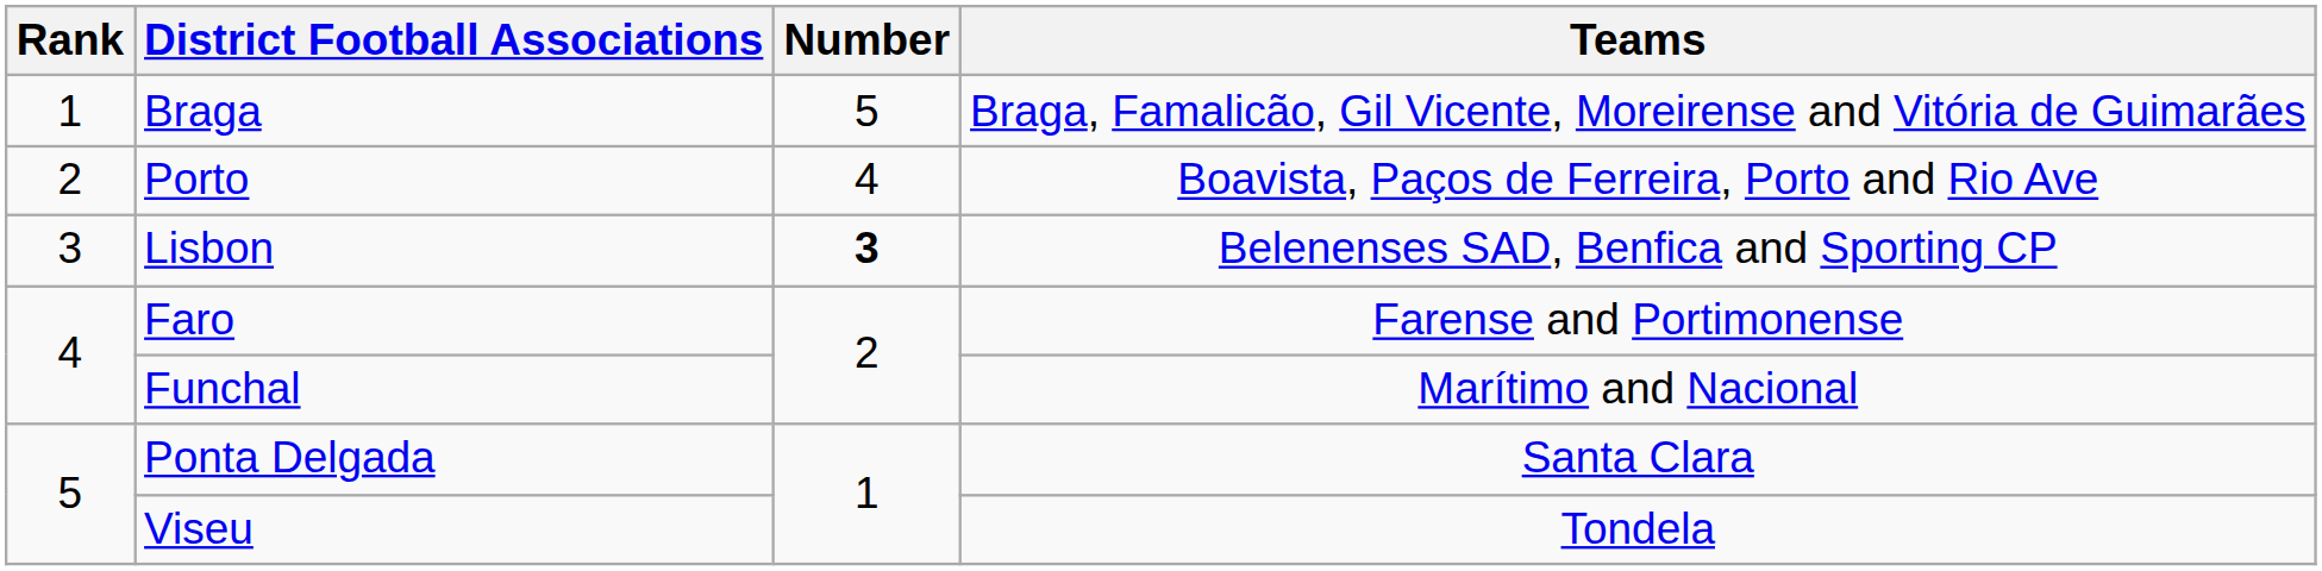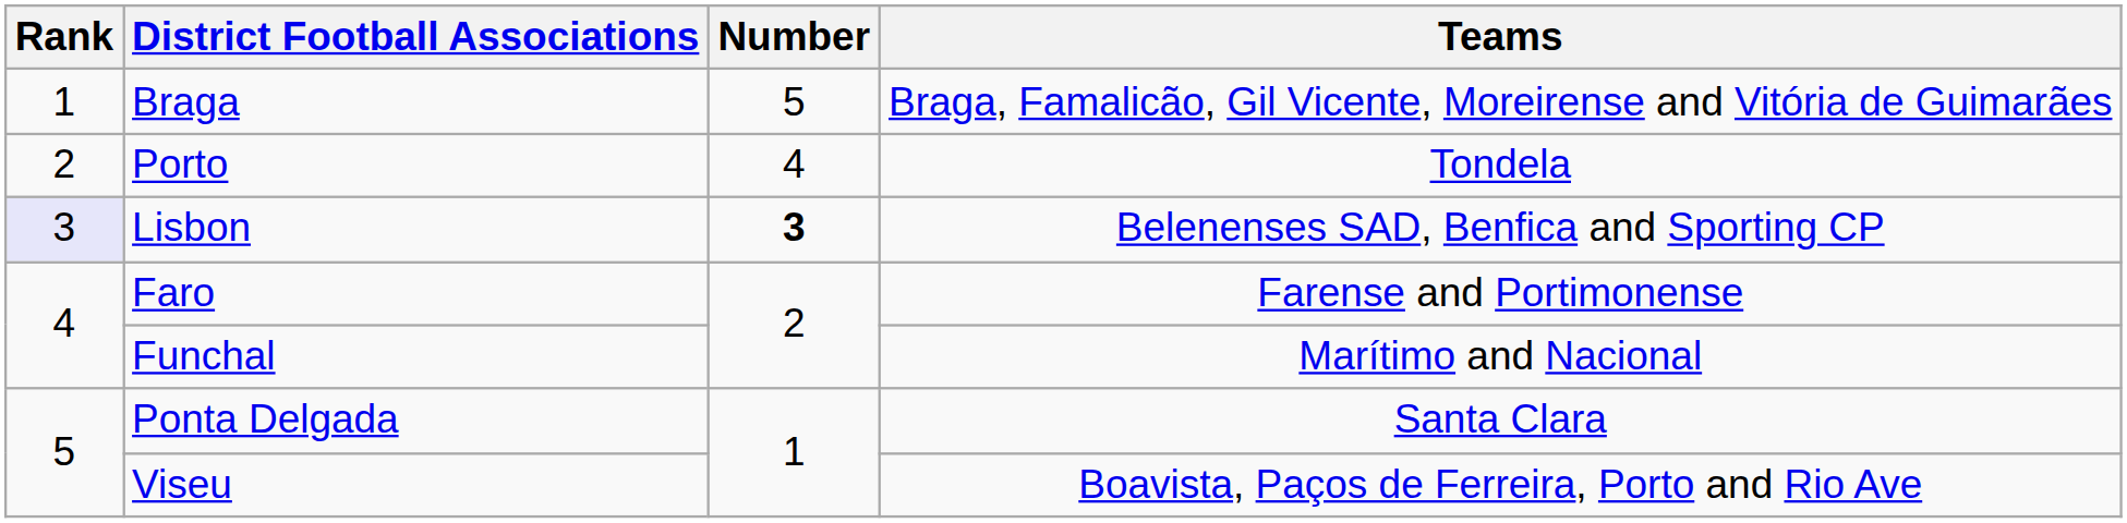 <table class="wikitable">
 <tr>
 <th>Rank</th>
 <th><a href='#'>District Football Associations</a></th>
 <th>Number</th>
 <th>Teams</th>
 </tr>
 <tr>
 <td rowspan=1 align=center>1</td>
 <td> <a href='#'>Braga</a></td>
 <td rowspan=1 align=center>5</td>
 <td align=center><a href='#'>Braga</a>, <a href='#'>Famalicão</a>, <a href='#'>Gil Vicente</a>, <a href='#'>Moreirense</a> and <a href='#'>Vitória de Guimarães</a></td>
 </tr>
 <tr>
 <td rowspan=1 align=center>2</td>
 <td> <a href='#'>Porto</a></td>
 <td rowspan=1 align=center>4</td>
-<td align=center><a href='#'>Boavista</a>, <a href='#'>Paços de Ferreira</a>, <a href='#'>Porto</a> and <a href='#'>Rio Ave</a></td>
+<td align=center><a href='#'>Tondela</a></td>
 </tr>
 <tr>
-<td rowspan=1 align=center>3</td>
+<td rowspan=1 align=center style="background: lavender;">3</td>
 <td> <a href='#'>Lisbon</a></td>
 <td rowspan=1 align=center><strong>3</strong></td>
 <td align=center><a href='#'>Belenenses SAD</a>, <a href='#'>Benfica</a> and <a href='#'>Sporting CP</a></td>
 </tr>
 <tr>
 <td rowspan=2 align=center>4</td>
 <td> <a href='#'>Faro</a></td>
 <td rowspan=2 align=center>2</td>
 <td align=center><a href='#'>Farense</a> and <a href='#'>Portimonense</a></td>
 </tr>
 <tr>
 <td> <a href='#'>Funchal</a></td>
 <td align=center><a href='#'>Marítimo</a> and <a href='#'>Nacional</a></td>
 </tr>
 <tr>
 <td rowspan=2 align=center>5</td>
 <td> <a href='#'>Ponta Delgada</a></td>
 <td rowspan=2 align=center>1</td>
 <td align=center><a href='#'>Santa Clara</a></td>
 </tr>
 <tr>
 <td> <a href='#'>Viseu</a></td>
-<td align=center><a href='#'>Tondela</a></td>
+<td align=center><a href='#'>Boavista</a>, <a href='#'>Paços de Ferreira</a>, <a href='#'>Porto</a> and <a href='#'>Rio Ave</a></td>
 </tr>
 </table>
